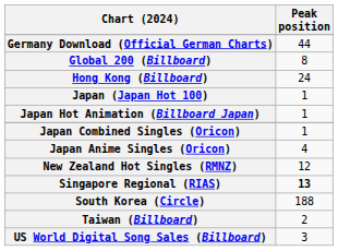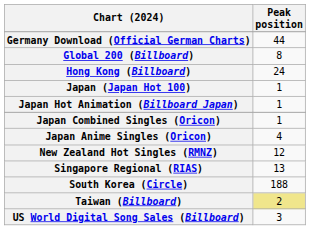 <table class="wikitable plainrowheaders sortable" style="text-align:center">
 <tr>
 <th scope="col">Chart (2024)</th>
 <th scope="col">Peak<br>position</th>
 </tr>
 <tr>
 </tr>
 <tr>
 <th scope="row">Germany Download (<a href='#'>Official German Charts</a>)</th>
 <td>44</td>
 </tr>
 <tr>
 <th scope="row"><a href='#'>Global 200</a> (<em><a href='#'>Billboard</a></em>)</th>
 <td>8</td>
 </tr>
 <tr>
 <th scope="row"><a href='#'>Hong Kong</a> (<em><a href='#'>Billboard</a></em>)</th>
 <td>24</td>
 </tr>
 <tr>
 <th scope="row">Japan (<a href='#'>Japan Hot 100</a>)</th>
 <td>1</td>
 </tr>
 <tr>
 <th scope="row">Japan Hot Animation (<em><a href='#'>Billboard Japan</a></em>)</th>
 <td>1</td>
 </tr>
 <tr>
 </tr>
 <tr>
 <th scope="row">Japan Combined Singles (<a href='#'>Oricon</a>)</th>
 <td>1</td>
 </tr>
 <tr>
 <th scope="row">Japan Anime Singles (<a href='#'>Oricon</a>)</th>
 <td>4</td>
 </tr>
 <tr>
 <th scope="row">New Zealand Hot Singles (<a href='#'>RMNZ</a>)</th>
 <td>12</td>
 </tr>
 <tr>
 <th scope="row">Singapore Regional (<a href='#'>RIAS</a>)</th>
-<td><strong>13</strong></td>
+<td>13</td>
 </tr>
 <tr>
 <th scope="row">South Korea (<a href='#'>Circle</a>)</th>
 <td>188</td>
 </tr>
 <tr>
 <th scope="row">Taiwan (<em><a href='#'>Billboard</a></em>)</th>
-<td>2</td>
+<td style="background: khaki;">2</td>
 </tr>
 <tr>
 <th scope="row">US <a href='#'>World Digital Song Sales</a> (<em><a href='#'>Billboard</a></em>)</th>
 <td>3</td>
 </tr>
 </table>
